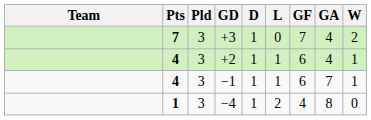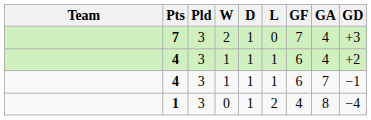 <table class=wikitable style="text-align:center">
 <tr>
 <th width=175>Team</th>
 <th width=20>Pts</th>
 <th width=20>Pld</th>
-<th width=20>GD</th>
+<th width=20>W</th>
 <th width=20>D</th>
 <th width=20>L</th>
 <th width=20>GF</th>
 <th width=20>GA</th>
-<th width=20>W</th>
+<th width=20>GD</th>
 </tr>
 <tr bgcolor="#D0F0C0">
 <td style="text-align:left;"></td>
 <td><strong>7</strong></td>
 <td>3</td>
-<td>+3</td>
+<td>2</td>
 <td>1</td>
 <td>0</td>
 <td>7</td>
 <td>4</td>
-<td>2</td>
+<td>+3</td>
 </tr>
 <tr bgcolor="#D0F0C0">
 <td style="text-align:left;"></td>
 <td><strong>4</strong></td>
 <td>3</td>
-<td>+2</td>
+<td>1</td>
 <td>1</td>
 <td>1</td>
 <td>6</td>
 <td>4</td>
-<td>1</td>
+<td>+2</td>
 </tr>
 <tr>
 <td style="text-align:left;"></td>
 <td><strong>4</strong></td>
 <td>3</td>
-<td>−1</td>
+<td>1</td>
 <td>1</td>
 <td>1</td>
 <td>6</td>
 <td>7</td>
-<td>1</td>
+<td>−1</td>
 </tr>
 <tr>
 <td style="text-align:left;"></td>
 <td><strong>1</strong></td>
 <td>3</td>
-<td>−4</td>
+<td>0</td>
 <td>1</td>
 <td>2</td>
 <td>4</td>
 <td>8</td>
-<td>0</td>
+<td>−4</td>
 </tr>
 </table>
